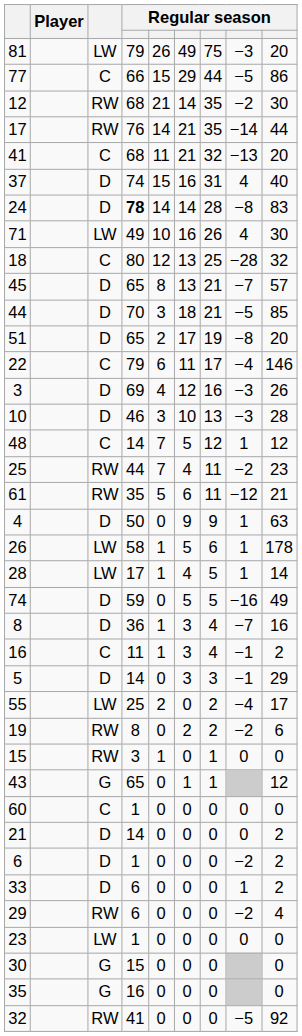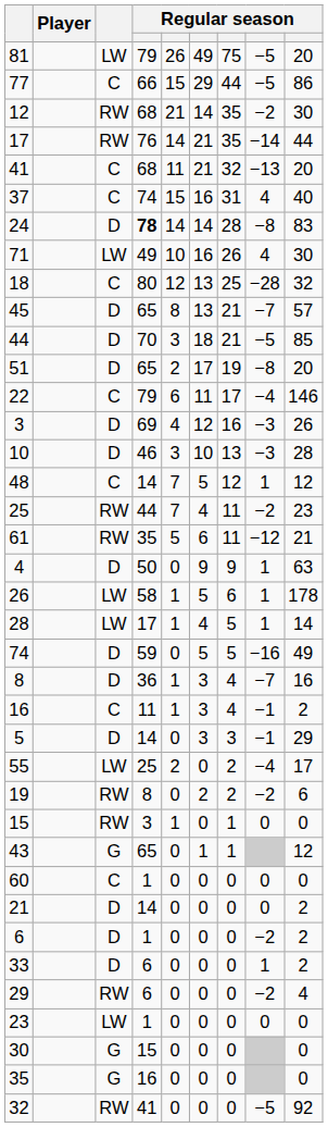 <table class="wikitable sortable plainrowheaders" style="text-align:center;">
 <tr>
 <th scope="col" data-sort-type="number" rowspan="2"></th>
 <th scope="col" rowspan="2">Player</th>
 <th scope="col" rowspan="2"></th>
 <th scope=colgroup colspan=6>Regular season</th>
 </tr>
 <tr>
 <th scope="col" data-sort-type="number"></th>
 <th scope="col" data-sort-type="number"></th>
 <th scope="col" data-sort-type="number"></th>
 <th scope="col" data-sort-type="number"></th>
 <th scope="col" data-sort-type="number"></th>
 <th scope="col" data-sort-type="number"></th>
 </tr>
 <tr>
 <td scope="row">81</td>
 <td align="left"></td>
 <td>LW</td>
 <td>79</td>
 <td>26</td>
 <td>49</td>
 <td>75</td>
-<td>−3</td>
+<td>−5</td>
 <td>20</td>
 </tr>
 <tr>
 <td scope="row">77</td>
 <td align="left"></td>
 <td>C</td>
 <td>66</td>
 <td>15</td>
 <td>29</td>
 <td>44</td>
 <td>−5</td>
 <td>86</td>
 </tr>
 <tr>
 <td scope="row">12</td>
 <td align="left"></td>
 <td>RW</td>
 <td>68</td>
 <td>21</td>
 <td>14</td>
 <td>35</td>
 <td>−2</td>
 <td>30</td>
 </tr>
 <tr>
 <td scope="row">17</td>
 <td align="left"></td>
 <td>RW</td>
 <td>76</td>
 <td>14</td>
 <td>21</td>
 <td>35</td>
 <td>−14</td>
 <td>44</td>
 </tr>
 <tr>
 <td scope="row">41</td>
 <td align="left"></td>
 <td>C</td>
 <td>68</td>
 <td>11</td>
 <td>21</td>
 <td>32</td>
 <td>−13</td>
 <td>20</td>
 </tr>
 <tr>
 <td scope="row">37</td>
 <td align="left"></td>
-<td>D</td>
+<td>C</td>
 <td>74</td>
 <td>15</td>
 <td>16</td>
 <td>31</td>
 <td>4</td>
 <td>40</td>
 </tr>
 <tr>
 <td scope="row">24</td>
 <td align="left"></td>
 <td>D</td>
 <td><strong>78</strong></td>
 <td>14</td>
 <td>14</td>
 <td>28</td>
 <td>−8</td>
 <td>83</td>
 </tr>
 <tr>
 <td scope="row">71</td>
 <td align="left"></td>
 <td>LW</td>
 <td>49</td>
 <td>10</td>
 <td>16</td>
 <td>26</td>
 <td>4</td>
 <td>30</td>
 </tr>
 <tr>
 <td scope="row">18</td>
 <td align="left"></td>
 <td>C</td>
 <td>80</td>
 <td>12</td>
 <td>13</td>
 <td>25</td>
 <td>−28</td>
 <td>32</td>
 </tr>
 <tr>
 <td scope="row">45</td>
 <td align="left"></td>
 <td>D</td>
 <td>65</td>
 <td>8</td>
 <td>13</td>
 <td>21</td>
 <td>−7</td>
 <td>57</td>
 </tr>
 <tr>
 <td scope="row">44</td>
 <td align="left"></td>
 <td>D</td>
 <td>70</td>
 <td>3</td>
 <td>18</td>
 <td>21</td>
 <td>−5</td>
 <td>85</td>
 </tr>
 <tr>
 <td scope="row">51</td>
 <td align="left"></td>
 <td>D</td>
 <td>65</td>
 <td>2</td>
 <td>17</td>
 <td>19</td>
 <td>−8</td>
 <td>20</td>
 </tr>
 <tr>
 <td scope="row">22</td>
 <td align="left"></td>
 <td>C</td>
 <td>79</td>
 <td>6</td>
 <td>11</td>
 <td>17</td>
 <td>−4</td>
 <td>146</td>
 </tr>
 <tr>
 <td scope="row">3</td>
 <td align="left"></td>
 <td>D</td>
 <td>69</td>
 <td>4</td>
 <td>12</td>
 <td>16</td>
 <td>−3</td>
 <td>26</td>
 </tr>
 <tr>
 <td scope="row">10</td>
 <td align="left"></td>
 <td>D</td>
 <td>46</td>
 <td>3</td>
 <td>10</td>
 <td>13</td>
 <td>−3</td>
 <td>28</td>
 </tr>
 <tr>
 <td scope="row">48</td>
 <td align="left"></td>
 <td>C</td>
 <td>14</td>
 <td>7</td>
 <td>5</td>
 <td>12</td>
 <td>1</td>
 <td>12</td>
 </tr>
 <tr>
 <td scope="row">25</td>
 <td align="left"></td>
 <td>RW</td>
 <td>44</td>
 <td>7</td>
 <td>4</td>
 <td>11</td>
 <td>−2</td>
 <td>23</td>
 </tr>
 <tr>
 <td scope="row">61</td>
 <td align="left"></td>
 <td>RW</td>
 <td>35</td>
 <td>5</td>
 <td>6</td>
 <td>11</td>
 <td>−12</td>
 <td>21</td>
 </tr>
 <tr>
 <td scope="row">4</td>
 <td align="left"></td>
 <td>D</td>
 <td>50</td>
 <td>0</td>
 <td>9</td>
 <td>9</td>
 <td>1</td>
 <td>63</td>
 </tr>
 <tr>
 <td scope="row">26</td>
 <td align="left"></td>
 <td>LW</td>
 <td>58</td>
 <td>1</td>
 <td>5</td>
 <td>6</td>
 <td>1</td>
 <td>178</td>
 </tr>
 <tr>
 <td scope="row">28</td>
 <td align="left"></td>
 <td>LW</td>
 <td>17</td>
 <td>1</td>
 <td>4</td>
 <td>5</td>
 <td>1</td>
 <td>14</td>
 </tr>
 <tr>
 <td scope="row">74</td>
 <td align="left"></td>
 <td>D</td>
 <td>59</td>
 <td>0</td>
 <td>5</td>
 <td>5</td>
 <td>−16</td>
 <td>49</td>
 </tr>
 <tr>
 <td scope="row">8</td>
 <td align="left"></td>
 <td>D</td>
 <td>36</td>
 <td>1</td>
 <td>3</td>
 <td>4</td>
 <td>−7</td>
 <td>16</td>
 </tr>
 <tr>
 <td scope="row">16</td>
 <td align="left"></td>
 <td>C</td>
 <td>11</td>
 <td>1</td>
 <td>3</td>
 <td>4</td>
 <td>−1</td>
 <td>2</td>
 </tr>
 <tr>
 <td scope="row">5</td>
 <td align="left"></td>
 <td>D</td>
 <td>14</td>
 <td>0</td>
 <td>3</td>
 <td>3</td>
 <td>−1</td>
 <td>29</td>
 </tr>
 <tr>
 <td scope="row">55</td>
 <td align="left"></td>
 <td>LW</td>
 <td>25</td>
 <td>2</td>
 <td>0</td>
 <td>2</td>
 <td>−4</td>
 <td>17</td>
 </tr>
 <tr>
 <td scope="row">19</td>
 <td align="left"></td>
 <td>RW</td>
 <td>8</td>
 <td>0</td>
 <td>2</td>
 <td>2</td>
 <td>−2</td>
 <td>6</td>
 </tr>
 <tr>
 <td scope="row">15</td>
 <td align="left"></td>
 <td>RW</td>
 <td>3</td>
 <td>1</td>
 <td>0</td>
 <td>1</td>
 <td>0</td>
 <td>0</td>
 </tr>
 <tr>
 <td scope="row">43</td>
 <td align="left"></td>
 <td>G</td>
 <td>65</td>
 <td>0</td>
 <td>1</td>
 <td>1</td>
 <td style="background:#ccc"></td>
 <td>12</td>
 </tr>
 <tr>
 <td scope="row">60</td>
 <td align="left"></td>
 <td>C</td>
 <td>1</td>
 <td>0</td>
 <td>0</td>
 <td>0</td>
 <td>0</td>
 <td>0</td>
 </tr>
 <tr>
 <td scope="row">21</td>
 <td align="left"></td>
 <td>D</td>
 <td>14</td>
 <td>0</td>
 <td>0</td>
 <td>0</td>
 <td>0</td>
 <td>2</td>
 </tr>
 <tr>
 <td scope="row">6</td>
 <td align="left"></td>
 <td>D</td>
 <td>1</td>
 <td>0</td>
 <td>0</td>
 <td>0</td>
 <td>−2</td>
 <td>2</td>
 </tr>
 <tr>
 <td scope="row">33</td>
 <td align="left"></td>
 <td>D</td>
 <td>6</td>
 <td>0</td>
 <td>0</td>
 <td>0</td>
 <td>1</td>
 <td>2</td>
 </tr>
 <tr>
 <td scope="row">29</td>
 <td align="left"></td>
 <td>RW</td>
 <td>6</td>
 <td>0</td>
 <td>0</td>
 <td>0</td>
 <td>−2</td>
 <td>4</td>
 </tr>
 <tr>
 <td scope="row">23</td>
 <td align="left"></td>
 <td>LW</td>
 <td>1</td>
 <td>0</td>
 <td>0</td>
 <td>0</td>
 <td>0</td>
 <td>0</td>
 </tr>
 <tr>
 <td scope="row">30</td>
 <td align="left"></td>
 <td>G</td>
 <td>15</td>
 <td>0</td>
 <td>0</td>
 <td>0</td>
 <td style="background:#ccc"></td>
 <td>0</td>
 </tr>
 <tr>
 <td scope="row">35</td>
 <td align="left"></td>
 <td>G</td>
 <td>16</td>
 <td>0</td>
 <td>0</td>
 <td>0</td>
 <td style="background:#ccc"></td>
 <td>0</td>
 </tr>
 <tr>
 <td scope="row">32</td>
 <td align="left"></td>
 <td>RW</td>
 <td>41</td>
 <td>0</td>
 <td>0</td>
 <td>0</td>
 <td>−5</td>
 <td>92</td>
 </tr>
 </table>
